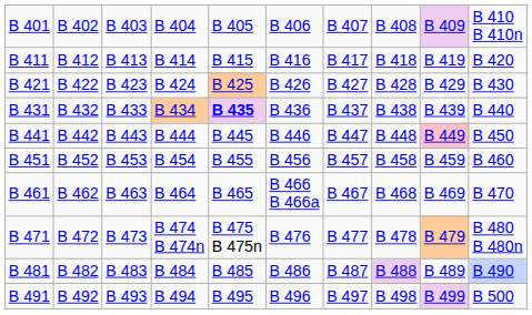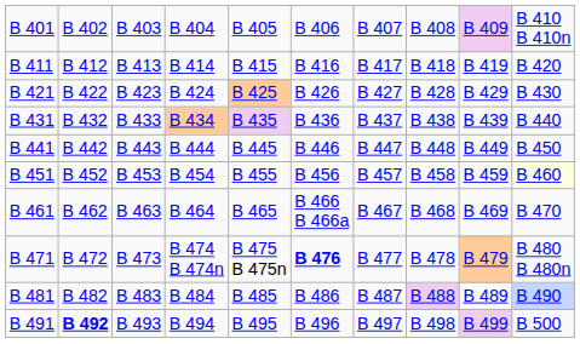 <table class="wikitable">
 <tr>
 <td><a href='#'>B 401</a></td>
 <td><a href='#'>B 402</a></td>
 <td><a href='#'>B 403</a></td>
 <td><a href='#'>B 404</a></td>
 <td><a href='#'>B 405</a></td>
 <td><a href='#'>B 406</a></td>
 <td><a href='#'>B 407</a></td>
 <td><a href='#'>B 408</a></td>
 <td style="background: #F0CCF0;"><a href='#'>B 409</a></td>
 <td><a href='#'>B 410</a><br><a href='#'>B 410n</a></td>
 </tr>
 <tr>
 <td><a href='#'>B 411</a></td>
 <td><a href='#'>B 412</a></td>
 <td><a href='#'>B 413</a></td>
 <td><a href='#'>B 414</a></td>
 <td><a href='#'>B 415</a></td>
 <td><a href='#'>B 416</a></td>
 <td><a href='#'>B 417</a></td>
 <td><a href='#'>B 418</a></td>
 <td><a href='#'>B 419</a></td>
 <td><a href='#'>B 420</a></td>
 </tr>
 <tr>
 <td><a href='#'>B 421</a></td>
 <td><a href='#'>B 422</a></td>
 <td><a href='#'>B 423</a></td>
 <td><a href='#'>B 424</a></td>
 <td style="background: #FFCC99;"><a href='#'>B 425</a></td>
 <td><a href='#'>B 426</a></td>
 <td><a href='#'>B 427</a></td>
 <td><a href='#'>B 428</a></td>
 <td><a href='#'>B 429</a></td>
 <td><a href='#'>B 430</a></td>
 </tr>
 <tr>
 <td><a href='#'>B 431</a></td>
 <td><a href='#'>B 432</a></td>
 <td><a href='#'>B 433</a></td>
 <td style="background: #FFCC99;"><a href='#'>B 434</a></td>
-<td style="background: #F0CCF0;"><strong><a href='#'>B 435</a></strong></td>
+<td style="background: #F0CCF0;"><a href='#'>B 435</a></td>
 <td><a href='#'>B 436</a></td>
 <td><a href='#'>B 437</a></td>
 <td><a href='#'>B 438</a></td>
 <td><a href='#'>B 439</a></td>
 <td><a href='#'>B 440</a></td>
 </tr>
 <tr>
 <td><a href='#'>B 441</a></td>
 <td><a href='#'>B 442</a></td>
 <td><a href='#'>B 443</a></td>
 <td><a href='#'>B 444</a></td>
 <td><a href='#'>B 445</a></td>
 <td><a href='#'>B 446</a></td>
 <td><a href='#'>B 447</a></td>
 <td><a href='#'>B 448</a></td>
-<td style="background: pink;"><a href='#'>B 449</a></td>
+<td><a href='#'>B 449</a></td>
 <td><a href='#'>B 450</a></td>
 </tr>
 <tr>
 <td><a href='#'>B 451</a></td>
 <td><a href='#'>B 452</a></td>
 <td><a href='#'>B 453</a></td>
 <td><a href='#'>B 454</a></td>
 <td><a href='#'>B 455</a></td>
 <td><a href='#'>B 456</a></td>
 <td><a href='#'>B 457</a></td>
 <td><a href='#'>B 458</a></td>
 <td><a href='#'>B 459</a></td>
-<td><a href='#'>B 460</a></td>
+<td style="background: lightyellow;"><a href='#'>B 460</a></td>
 </tr>
 <tr>
 <td><a href='#'>B 461</a></td>
 <td><a href='#'>B 462</a></td>
 <td><a href='#'>B 463</a></td>
 <td><a href='#'>B 464</a></td>
 <td><a href='#'>B 465</a></td>
 <td><a href='#'>B 466</a><br><a href='#'>B 466a</a></td>
 <td><a href='#'>B 467</a></td>
 <td><a href='#'>B 468</a></td>
 <td><a href='#'>B 469</a></td>
 <td><a href='#'>B 470</a></td>
 </tr>
 <tr>
 <td><a href='#'>B 471</a></td>
 <td><a href='#'>B 472</a></td>
 <td><a href='#'>B 473</a></td>
 <td><a href='#'>B 474</a><br><span><a href='#'>B 474n</a></span></td>
 <td><a href='#'>B 475</a><br><span>B 475n</span></td>
-<td><a href='#'>B 476</a></td>
+<td><strong><a href='#'>B 476</a></strong></td>
 <td><a href='#'>B 477</a></td>
 <td><a href='#'>B 478</a></td>
 <td style="background: #FFCC99;"><a href='#'>B 479</a></td>
 <td><a href='#'>B 480</a><br><span><a href='#'>B 480n</a></span></td>
 </tr>
 <tr>
 <td><a href='#'>B 481</a></td>
 <td><a href='#'>B 482</a></td>
 <td><a href='#'>B 483</a></td>
 <td><a href='#'>B 484</a></td>
 <td><a href='#'>B 485</a></td>
 <td><a href='#'>B 486</a></td>
 <td><a href='#'>B 487</a></td>
 <td style="background: #F0CCF0;"><a href='#'>B 488</a></td>
 <td><a href='#'>B 489</a></td>
 <td style="background: #C4D5FF;"><a href='#'>B 490</a></td>
 </tr>
 <tr>
 <td><a href='#'>B 491</a></td>
-<td><a href='#'>B 492</a></td>
+<td><strong><a href='#'>B 492</a></strong></td>
 <td><a href='#'>B 493</a></td>
 <td><a href='#'>B 494</a></td>
 <td><a href='#'>B 495</a></td>
 <td><a href='#'>B 496</a></td>
 <td><a href='#'>B 497</a></td>
 <td><a href='#'>B 498</a></td>
 <td style="background: #F0CCF0;"><a href='#'>B 499</a></td>
 <td><a href='#'>B 500</a></td>
 </tr>
 </table>
